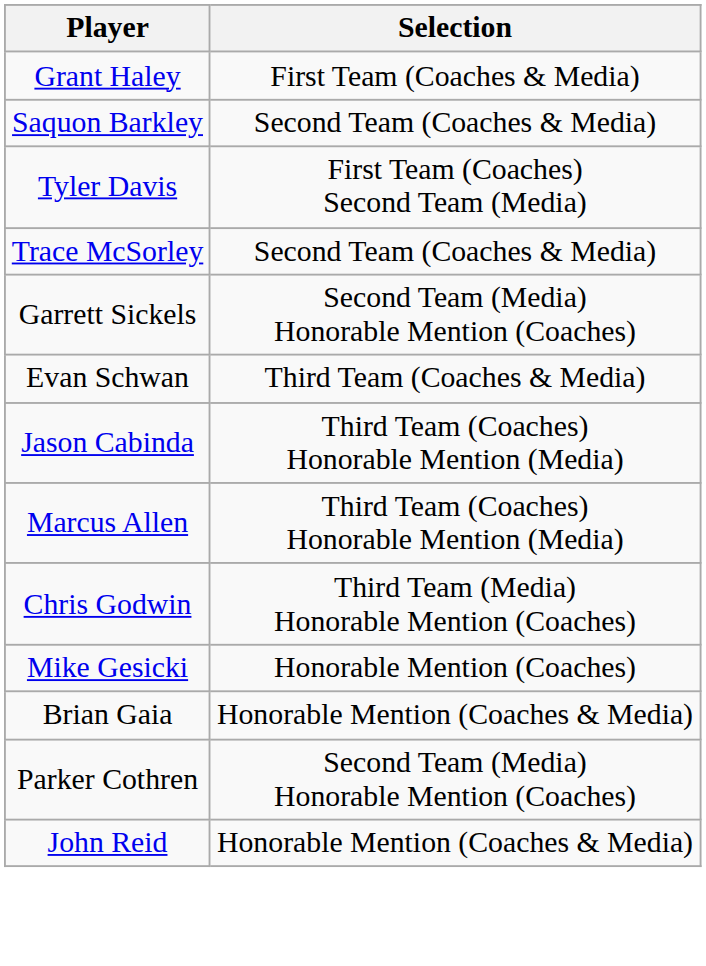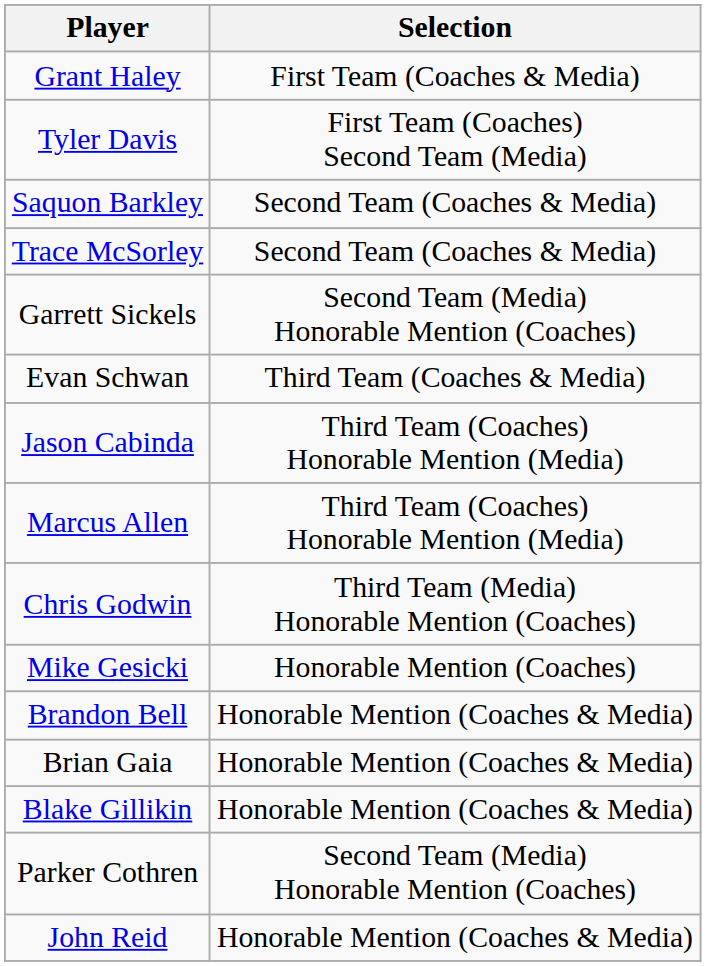 <table class="wikitable sortable sortable" style="text-align: center">
 <tr align=center>
 <th>Player</th>
 <th>Selection</th>
 </tr>
 <tr>
 <td><a href='#'>Grant Haley</a></td>
 <td>First Team (Coaches & Media)</td>
 </tr>
 <tr>
+<td><a href='#'>Tyler Davis</a></td>
+<td>First Team (Coaches)<br>Second Team (Media)</td>
+</tr>
+<tr>
 <td><a href='#'>Saquon Barkley</a></td>
 <td>Second Team (Coaches & Media)</td>
-</tr>
-<tr>
-<td><a href='#'>Tyler Davis</a></td>
-<td>First Team (Coaches)<br>Second Team (Media)</td>
 </tr>
 <tr>
 <td><a href='#'>Trace McSorley</a></td>
 <td>Second Team (Coaches & Media)</td>
 </tr>
 <tr>
 <td>Garrett Sickels</td>
 <td>Second Team (Media)<br>Honorable Mention (Coaches)</td>
 </tr>
 <tr>
 <td>Evan Schwan</td>
 <td>Third Team (Coaches & Media)</td>
 </tr>
 <tr>
 <td><a href='#'>Jason Cabinda</a></td>
 <td>Third Team (Coaches)<br>Honorable Mention (Media)</td>
 </tr>
 <tr>
 <td><a href='#'>Marcus Allen</a></td>
 <td>Third Team (Coaches)<br>Honorable Mention (Media)</td>
 </tr>
 <tr>
 <td><a href='#'>Chris Godwin</a></td>
 <td>Third Team (Media)<br>Honorable Mention (Coaches)</td>
 </tr>
 <tr>
 <td><a href='#'>Mike Gesicki</a></td>
 <td>Honorable Mention (Coaches)</td>
 </tr>
 <tr>
+<td><a href='#'>Brandon Bell</a></td>
+<td>Honorable Mention (Coaches & Media)</td>
+</tr>
+<tr>
 <td>Brian Gaia</td>
+<td>Honorable Mention (Coaches & Media)</td>
+</tr>
+<tr>
+<td><a href='#'>Blake Gillikin</a></td>
 <td>Honorable Mention (Coaches & Media)</td>
 </tr>
 <tr>
 <td>Parker Cothren</td>
 <td>Second Team (Media)<br>Honorable Mention (Coaches)</td>
 </tr>
 <tr>
 <td><a href='#'>John Reid</a></td>
 <td>Honorable Mention (Coaches & Media)</td>
 </tr>
 </table>
